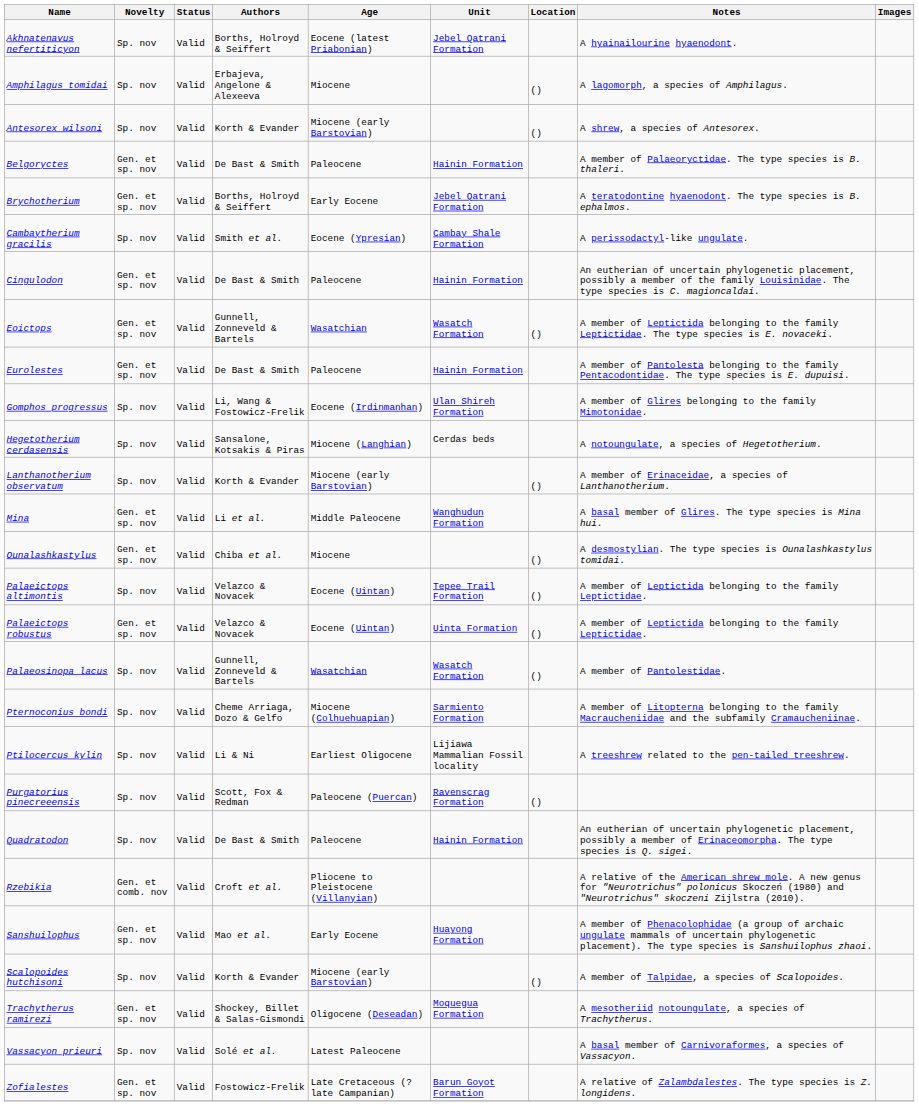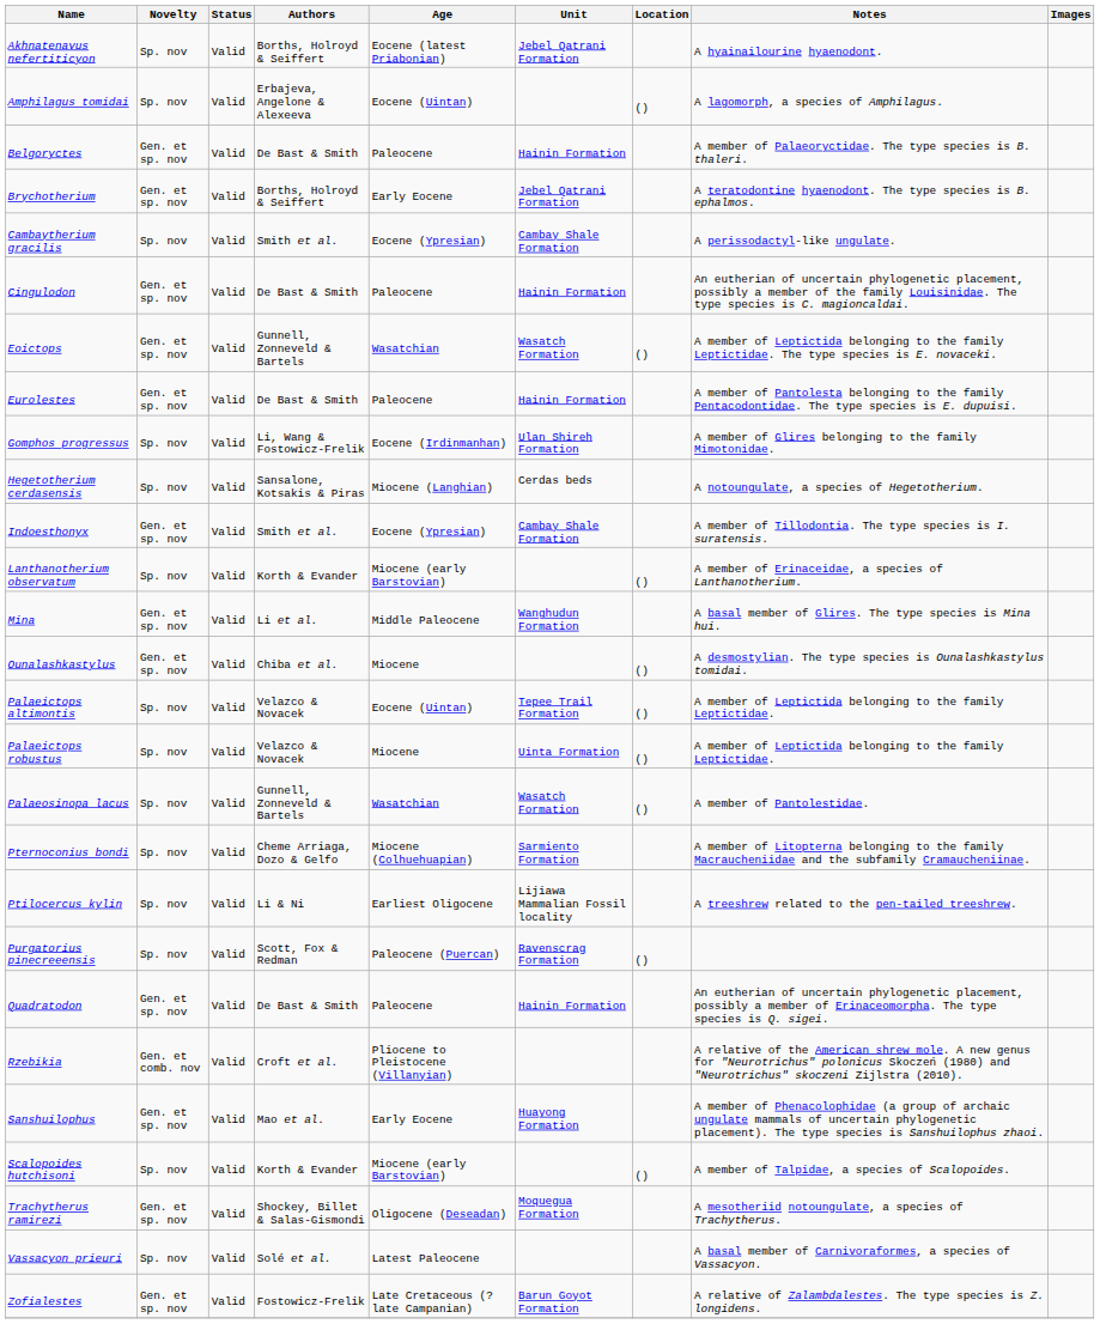 <table class="wikitable sortable" align="center" width="100%">
 <tr>
 <th>Name</th>
 <th>Novelty</th>
 <th>Status</th>
 <th>Authors</th>
 <th>Age</th>
 <th>Unit</th>
 <th>Location</th>
 <th>Notes</th>
 <th>Images</th>
 </tr>
 <tr>
 <td><br><em><a href='#'>Akhnatenavus nefertiticyon</a></em></td>
 <td><br>Sp. nov</td>
 <td><br>Valid</td>
 <td><br>Borths, Holroyd & Seiffert</td>
 <td><br>Eocene (latest <a href='#'>Priabonian</a>)</td>
 <td><br><a href='#'>Jebel Qatrani Formation</a></td>
 <td><br></td>
 <td><br>A <a href='#'>hyainailourine</a> <a href='#'>hyaenodont</a>.</td>
 <td></td>
 </tr>
 <tr>
 <td><br><em><a href='#'>Amphilagus tomidai</a></em></td>
 <td><br>Sp. nov</td>
 <td><br>Valid</td>
 <td><br>Erbajeva, Angelone & Alexeeva</td>
-<td><br>Miocene</td>
+<td><br>Eocene (<a href='#'>Uintan</a>)</td>
 <td></td>
 <td><br><br>()</td>
 <td><br>A <a href='#'>lagomorph</a>, a species of <em>Amphilagus</em>.</td>
-<td></td>
-</tr>
-<tr>
-<td><br><em><a href='#'>Antesorex wilsoni</a></em></td>
-<td><br>Sp. nov</td>
-<td><br>Valid</td>
-<td><br>Korth & Evander</td>
-<td><br>Miocene (early <a href='#'>Barstovian</a>)</td>
-<td></td>
-<td><br><br>()</td>
-<td><br>A <a href='#'>shrew</a>, a species of <em>Antesorex</em>.</td>
 <td></td>
 </tr>
 <tr>
 <td><br><em><a href='#'>Belgoryctes</a></em></td>
 <td><br>Gen. et sp. nov</td>
 <td><br>Valid</td>
 <td><br>De Bast & Smith</td>
 <td><br>Paleocene</td>
 <td><br><a href='#'>Hainin Formation</a></td>
 <td><br></td>
 <td><br>A member of <a href='#'>Palaeoryctidae</a>. The type species is <em>B. thaleri</em>.</td>
 <td></td>
 </tr>
 <tr>
 <td><br><em><a href='#'>Brychotherium</a></em></td>
 <td><br>Gen. et sp. nov</td>
 <td><br>Valid</td>
 <td><br>Borths, Holroyd & Seiffert</td>
 <td><br>Early Eocene</td>
 <td><br><a href='#'>Jebel Qatrani Formation</a></td>
 <td><br></td>
 <td><br>A <a href='#'>teratodontine</a> <a href='#'>hyaenodont</a>. The type species is <em>B. ephalmos</em>.</td>
 <td></td>
 </tr>
 <tr>
 <td><br><em><a href='#'>Cambaytherium gracilis</a></em></td>
 <td><br>Sp. nov</td>
 <td><br>Valid</td>
 <td><br>Smith <em>et al.</em></td>
 <td><br>Eocene (<a href='#'>Ypresian</a>)</td>
 <td><br><a href='#'>Cambay Shale Formation</a></td>
 <td><br></td>
 <td><br>A <a href='#'>perissodactyl</a>-like <a href='#'>ungulate</a>.</td>
 <td></td>
 </tr>
 <tr>
 <td><br><em><a href='#'>Cingulodon</a></em></td>
 <td><br>Gen. et sp. nov</td>
 <td><br>Valid</td>
 <td><br>De Bast & Smith</td>
 <td><br>Paleocene</td>
 <td><br><a href='#'>Hainin Formation</a></td>
 <td><br></td>
 <td><br>An eutherian of uncertain phylogenetic placement, possibly a member of the family <a href='#'>Louisinidae</a>. The type species is <em>C. magioncaldai</em>.</td>
 <td></td>
 </tr>
 <tr>
 <td><br><em><a href='#'>Eoictops</a></em></td>
 <td><br>Gen. et sp. nov</td>
 <td><br>Valid</td>
 <td><br>Gunnell, Zonneveld & Bartels</td>
 <td><br><a href='#'>Wasatchian</a></td>
 <td><br><a href='#'>Wasatch Formation</a></td>
 <td><br><br>()</td>
 <td><br>A member of <a href='#'>Leptictida</a> belonging to the family <a href='#'>Leptictidae</a>. The type species is <em>E. novaceki</em>.</td>
 <td></td>
 </tr>
 <tr>
 <td><br><em><a href='#'>Eurolestes</a></em></td>
 <td><br>Gen. et sp. nov</td>
 <td><br>Valid</td>
 <td><br>De Bast & Smith</td>
 <td><br>Paleocene</td>
 <td><br><a href='#'>Hainin Formation</a></td>
 <td><br></td>
 <td><br>A member of <a href='#'>Pantolesta</a> belonging to the family <a href='#'>Pentacodontidae</a>. The type species is <em>E. dupuisi</em>.</td>
 <td></td>
 </tr>
 <tr>
 <td><br><em><a href='#'>Gomphos progressus</a></em></td>
 <td><br>Sp. nov</td>
 <td><br>Valid</td>
 <td><br>Li, Wang & Fostowicz-Frelik</td>
 <td><br>Eocene (<a href='#'>Irdinmanhan</a>)</td>
 <td><br><a href='#'>Ulan Shireh Formation</a></td>
 <td><br></td>
 <td><br>A member of <a href='#'>Glires</a> belonging to the family <a href='#'>Mimotonidae</a>.</td>
 <td></td>
 </tr>
 <tr>
 <td><br><em><a href='#'>Hegetotherium cerdasensis</a></em></td>
 <td><br>Sp. nov</td>
 <td><br>Valid</td>
 <td><br>Sansalone, Kotsakis & Piras</td>
 <td><br>Miocene (<a href='#'>Langhian</a>)</td>
 <td>Cerdas beds</td>
 <td><br></td>
 <td><br>A <a href='#'>notoungulate</a>, a species of <em>Hegetotherium</em>.</td>
 <td></td>
 </tr>
 <tr>
+<td><br><em><a href='#'>Indoesthonyx</a></em></td>
+<td><br>Gen. et sp. nov</td>
+<td><br>Valid</td>
+<td><br>Smith <em>et al.</em></td>
+<td><br>Eocene (<a href='#'>Ypresian</a>)</td>
+<td><br><a href='#'>Cambay Shale Formation</a></td>
+<td><br></td>
+<td><br>A member of <a href='#'>Tillodontia</a>. The type species is <em>I. suratensis</em>.</td>
+<td></td>
+</tr>
+<tr>
 <td><br><em><a href='#'>Lanthanotherium observatum</a></em></td>
 <td><br>Sp. nov</td>
 <td><br>Valid</td>
 <td><br>Korth & Evander</td>
 <td><br>Miocene (early <a href='#'>Barstovian</a>)</td>
 <td></td>
 <td><br><br>()</td>
 <td><br>A member of <a href='#'>Erinaceidae</a>, a species of <em>Lanthanotherium</em>.</td>
 <td></td>
 </tr>
 <tr>
 <td><br><em><a href='#'>Mina</a></em></td>
 <td><br>Gen. et sp. nov</td>
 <td><br>Valid</td>
 <td><br>Li <em>et al.</em></td>
 <td><br>Middle Paleocene</td>
 <td><br><a href='#'>Wanghudun Formation</a></td>
 <td><br></td>
 <td><br>A <a href='#'>basal</a> member of <a href='#'>Glires</a>. The type species is <em>Mina hui</em>.</td>
 <td></td>
 </tr>
 <tr>
 <td><br><em><a href='#'>Ounalashkastylus</a></em></td>
 <td><br>Gen. et sp. nov</td>
 <td><br>Valid</td>
 <td><br>Chiba <em>et al.</em></td>
 <td><br>Miocene</td>
 <td></td>
 <td><br><br>()</td>
 <td><br>A <a href='#'>desmostylian</a>. The type species is <em>Ounalashkastylus tomidai</em>.</td>
 <td></td>
 </tr>
 <tr>
 <td><br><em><a href='#'>Palaeictops altimontis</a></em></td>
 <td><br>Sp. nov</td>
 <td><br>Valid</td>
 <td><br>Velazco & Novacek</td>
 <td><br>Eocene (<a href='#'>Uintan</a>)</td>
 <td><br><a href='#'>Tepee Trail Formation</a></td>
 <td><br><br>()</td>
 <td><br>A member of <a href='#'>Leptictida</a> belonging to the family <a href='#'>Leptictidae</a>.</td>
 <td></td>
 </tr>
 <tr>
 <td><br><em><a href='#'>Palaeictops robustus</a></em></td>
-<td><br>Gen. et sp. nov</td>
+<td><br>Sp. nov</td>
 <td><br>Valid</td>
 <td><br>Velazco & Novacek</td>
-<td><br>Eocene (<a href='#'>Uintan</a>)</td>
+<td><br>Miocene</td>
 <td><br><a href='#'>Uinta Formation</a></td>
 <td><br><br>()</td>
 <td><br>A member of <a href='#'>Leptictida</a> belonging to the family <a href='#'>Leptictidae</a>.</td>
 <td></td>
 </tr>
 <tr>
 <td><br><em><a href='#'>Palaeosinopa lacus</a></em></td>
 <td><br>Sp. nov</td>
 <td><br>Valid</td>
 <td><br>Gunnell, Zonneveld & Bartels</td>
 <td><br><a href='#'>Wasatchian</a></td>
 <td><br><a href='#'>Wasatch Formation</a></td>
 <td><br><br>()</td>
 <td><br>A member of <a href='#'>Pantolestidae</a>.</td>
 <td></td>
 </tr>
 <tr>
 <td><br><em><a href='#'>Pternoconius bondi</a></em></td>
 <td><br>Sp. nov</td>
 <td><br>Valid</td>
 <td><br>Cheme Arriaga, Dozo & Gelfo</td>
 <td><br>Miocene (<a href='#'>Colhuehuapian</a>)</td>
 <td><br><a href='#'>Sarmiento Formation</a></td>
 <td><br></td>
 <td><br>A member of <a href='#'>Litopterna</a> belonging to the family <a href='#'>Macraucheniidae</a> and the subfamily <a href='#'>Cramaucheniinae</a>.</td>
 <td></td>
 </tr>
 <tr>
 <td><br><em><a href='#'>Ptilocercus kylin</a></em></td>
 <td><br>Sp. nov</td>
 <td><br>Valid</td>
 <td><br>Li & Ni</td>
 <td><br>Earliest Oligocene</td>
 <td><br>Lijiawa Mammalian Fossil locality</td>
 <td><br></td>
 <td><br>A <a href='#'>treeshrew</a> related to the <a href='#'>pen-tailed treeshrew</a>.</td>
 <td></td>
 </tr>
 <tr>
 <td><br><em><a href='#'>Purgatorius pinecreeensis</a></em></td>
 <td><br>Sp. nov</td>
 <td><br>Valid</td>
 <td><br>Scott, Fox & Redman</td>
 <td><br>Paleocene (<a href='#'>Puercan</a>)</td>
 <td><br><a href='#'>Ravenscrag Formation</a></td>
 <td><br><br>()</td>
 <td></td>
 <td></td>
 </tr>
 <tr>
 <td><br><em><a href='#'>Quadratodon</a></em></td>
-<td><br>Sp. nov</td>
+<td><br>Gen. et sp. nov</td>
 <td><br>Valid</td>
 <td><br>De Bast & Smith</td>
 <td><br>Paleocene</td>
 <td><br><a href='#'>Hainin Formation</a></td>
 <td><br></td>
 <td><br>An eutherian of uncertain phylogenetic placement, possibly a member of <a href='#'>Erinaceomorpha</a>. The type species is <em>Q. sigei</em>.</td>
 <td></td>
 </tr>
 <tr>
 <td><br><em><a href='#'>Rzebikia</a></em></td>
 <td><br>Gen. et comb. nov</td>
 <td><br>Valid</td>
 <td><br>Croft <em>et al.</em></td>
 <td><br>Pliocene to Pleistocene (<a href='#'>Villanyian</a>)</td>
 <td></td>
 <td><br><br> </td>
 <td><br>A relative of the <a href='#'>American shrew mole</a>. A new genus for <em>"Neurotrichus" polonicus</em> Skoczeń (1980) and <em>"Neurotrichus" skoczeni</em> Zijlstra (2010).</td>
 <td></td>
 </tr>
 <tr>
 <td><br><em><a href='#'>Sanshuilophus</a></em></td>
 <td><br>Gen. et sp. nov</td>
 <td><br>Valid</td>
 <td><br>Mao <em>et al.</em></td>
 <td><br>Early Eocene</td>
 <td><br><a href='#'>Huayong Formation</a></td>
 <td><br></td>
 <td><br>A member of <a href='#'>Phenacolophidae</a> (a group of archaic <a href='#'>ungulate</a> mammals of uncertain phylogenetic placement). The type species is <em>Sanshuilophus zhaoi</em>.</td>
 <td></td>
 </tr>
 <tr>
 <td><br><em><a href='#'>Scalopoides hutchisoni</a></em></td>
 <td><br>Sp. nov</td>
 <td><br>Valid</td>
 <td><br>Korth & Evander</td>
 <td><br>Miocene (early <a href='#'>Barstovian</a>)</td>
 <td></td>
 <td><br><br>()</td>
 <td><br>A member of <a href='#'>Talpidae</a>, a species of <em>Scalopoides</em>.</td>
 <td></td>
 </tr>
 <tr>
 <td><br><em><a href='#'>Trachytherus ramirezi</a></em></td>
 <td><br>Gen. et sp. nov</td>
 <td><br>Valid</td>
 <td><br>Shockey, Billet & Salas-Gismondi</td>
 <td><br>Oligocene (<a href='#'>Deseadan</a>)</td>
 <td><a href='#'>Moquegua Formation</a></td>
 <td><br></td>
 <td><br>A <a href='#'>mesotheriid</a> <a href='#'>notoungulate</a>, a species of <em>Trachytherus</em>.</td>
 <td></td>
 </tr>
 <tr>
 <td><br><em><a href='#'>Vassacyon prieuri</a></em></td>
 <td><br>Sp. nov</td>
 <td><br>Valid</td>
 <td><br>Solé <em>et al.</em></td>
 <td><br>Latest Paleocene</td>
 <td></td>
 <td><br></td>
 <td><br>A <a href='#'>basal</a> member of <a href='#'>Carnivoraformes</a>, a species of <em>Vassacyon</em>.</td>
 <td></td>
 </tr>
 <tr>
 <td><br><em><a href='#'>Zofialestes</a></em></td>
 <td><br>Gen. et sp. nov</td>
 <td><br>Valid</td>
 <td><br>Fostowicz-Frelik</td>
 <td><br>Late Cretaceous (?late Campanian)</td>
 <td><br><a href='#'>Barun Goyot Formation</a></td>
 <td><br></td>
 <td><br>A relative of <em><a href='#'>Zalambdalestes</a></em>. The type species is <em>Z. longidens</em>.</td>
 <td></td>
 </tr>
 <tr>
 </tr>
 </table>
